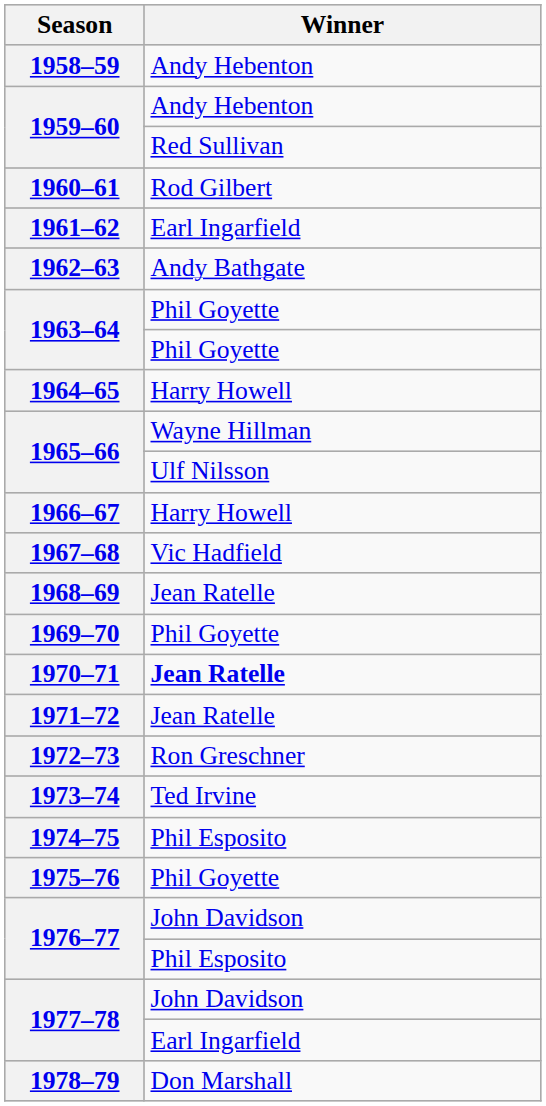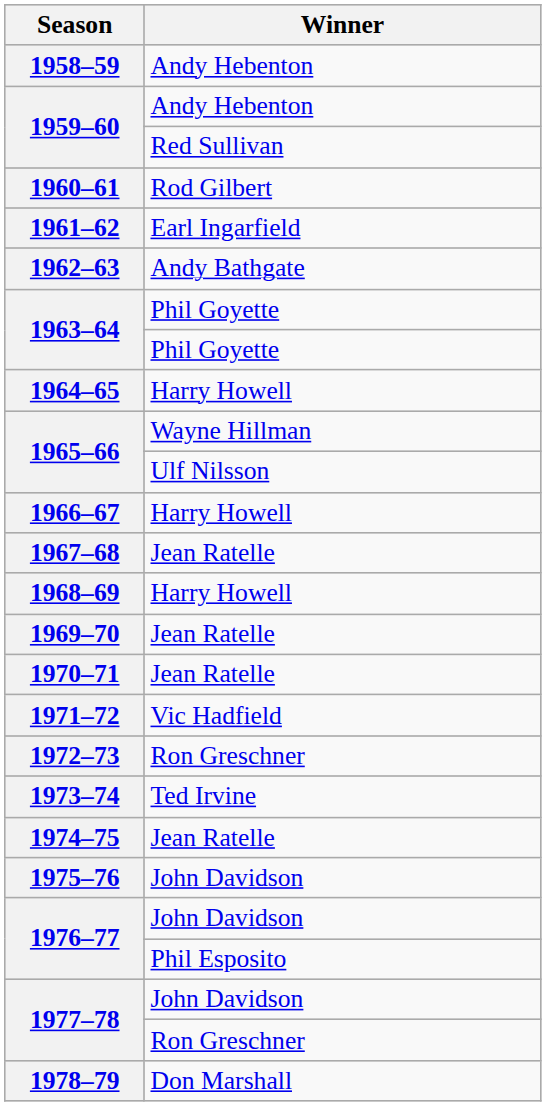 <table class="wikitable">
 <tr>
 <th scope="col" style="width:5em">Season</th>
 <th scope="col" style="width:15em">Winner</th>
 </tr>
 <tr>
 <th scope="row"><a href='#'>1958–59</a></th>
 <td><a href='#'>Andy Hebenton</a></td>
 </tr>
 <tr>
 <th scope="row" rowspan="2"><a href='#'>1959–60</a></th>
 <td><a href='#'>Andy Hebenton</a></td>
 </tr>
 <tr>
 <td><a href='#'>Red Sullivan</a></td>
 </tr>
 <tr>
 <th scope="row"><a href='#'>1960–61</a></th>
 <td><a href='#'>Rod Gilbert</a></td>
 </tr>
 <tr>
 <th scope="row"><a href='#'>1961–62</a></th>
 <td><a href='#'>Earl Ingarfield</a></td>
 </tr>
 <tr>
 <th scope="row"><a href='#'>1962–63</a></th>
 <td><a href='#'>Andy Bathgate</a></td>
 </tr>
 <tr>
 <th scope="row" rowspan="2"><a href='#'>1963–64</a></th>
 <td><a href='#'>Phil Goyette</a></td>
 </tr>
 <tr>
 <td><a href='#'>Phil Goyette</a></td>
 </tr>
 <tr>
 <th scope="row"><a href='#'>1964–65</a></th>
 <td><a href='#'>Harry Howell</a></td>
 </tr>
 <tr>
 <th scope="row" rowspan="2"><a href='#'>1965–66</a></th>
 <td><a href='#'>Wayne Hillman</a></td>
 </tr>
 <tr>
 <td><a href='#'>Ulf Nilsson</a></td>
 </tr>
 <tr>
 <th scope="row"><a href='#'>1966–67</a></th>
 <td><a href='#'>Harry Howell</a></td>
 </tr>
 <tr>
 <th scope="row"><a href='#'>1967–68</a></th>
-<td><a href='#'>Vic Hadfield</a></td>
+<td><a href='#'>Jean Ratelle</a></td>
 </tr>
 <tr>
 <th scope="row"><a href='#'>1968–69</a></th>
+<td><a href='#'>Harry Howell</a></td>
+</tr>
+<tr>
+<th scope="row"><a href='#'>1969–70</a></th>
 <td><a href='#'>Jean Ratelle</a></td>
 </tr>
 <tr>
-<th scope="row"><a href='#'>1969–70</a></th>
-<td><a href='#'>Phil Goyette</a></td>
-</tr>
-<tr>
 <th scope="row"><a href='#'>1970–71</a></th>
-<td><strong><a href='#'>Jean Ratelle</a></strong></td>
+<td><a href='#'>Jean Ratelle</a></td>
 </tr>
 <tr>
 <th scope="row"><a href='#'>1971–72</a></th>
-<td><a href='#'>Jean Ratelle</a></td>
+<td><a href='#'>Vic Hadfield</a></td>
 </tr>
 <tr>
 <th scope="row"><a href='#'>1972–73</a></th>
 <td><a href='#'>Ron Greschner</a></td>
 </tr>
 <tr>
 <th scope="row"><a href='#'>1973–74</a></th>
 <td><a href='#'>Ted Irvine</a></td>
 </tr>
 <tr>
 <th scope="row"><a href='#'>1974–75</a></th>
-<td><a href='#'>Phil Esposito</a></td>
+<td><a href='#'>Jean Ratelle</a></td>
 </tr>
 <tr>
 <th scope="row"><a href='#'>1975–76</a></th>
-<td><a href='#'>Phil Goyette</a></td>
+<td><a href='#'>John Davidson</a></td>
 </tr>
 <tr>
 <th scope="row" rowspan="2"><a href='#'>1976–77</a></th>
 <td><a href='#'>John Davidson</a></td>
 </tr>
 <tr>
 <td><a href='#'>Phil Esposito</a></td>
 </tr>
 <tr>
 <th scope="row" rowspan="2"><a href='#'>1977–78</a></th>
 <td><a href='#'>John Davidson</a></td>
 </tr>
 <tr>
-<td><a href='#'>Earl Ingarfield</a></td>
+<td><a href='#'>Ron Greschner</a></td>
 </tr>
 <tr>
 <th scope="row"><a href='#'>1978–79</a></th>
 <td><a href='#'>Don Marshall</a></td>
 </tr>
 </table>
